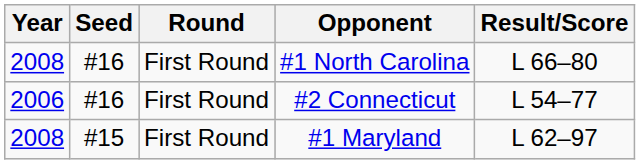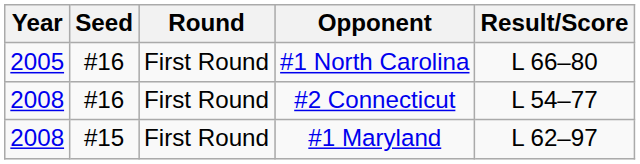 <table class="wikitable" style="text-align:center;">
 <tr>
 <th>Year</th>
 <th>Seed</th>
 <th>Round</th>
 <th>Opponent</th>
 <th>Result/Score</th>
 </tr>
 <tr align="center">
-<td><a href='#'>2008</a></td>
+<td><a href='#'>2005</a></td>
 <td>#16</td>
 <td>First Round</td>
 <td><a href='#'>#1 North Carolina</a></td>
 <td>L 66–80</td>
 </tr>
 <tr>
-<td><a href='#'>2006</a></td>
+<td><a href='#'>2008</a></td>
 <td>#16</td>
 <td>First Round</td>
 <td><a href='#'>#2 Connecticut</a></td>
 <td>L 54–77</td>
 </tr>
 <tr>
 <td><a href='#'>2008</a></td>
 <td>#15</td>
 <td>First Round</td>
 <td><a href='#'>#1 Maryland</a></td>
 <td>L 62–97</td>
 </tr>
 </table>
